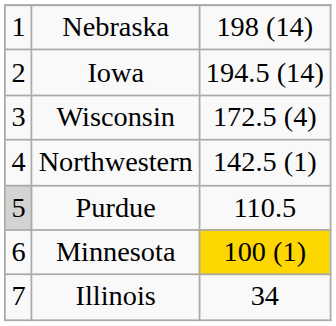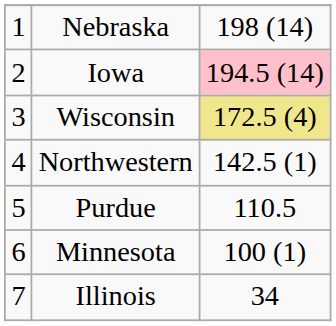 <table class="wikitable" style="display: inline-table;">
 <tr align="center">
 </tr>
 <tr align="center">
 <td>1</td>
 <td>Nebraska</td>
 <td>198 (14)</td>
 </tr>
 <tr align="center">
 <td>2</td>
 <td>Iowa</td>
-<td>194.5 (14)</td>
+<td style="background: pink;">194.5 (14)</td>
 </tr>
 <tr align="center">
 <td>3</td>
 <td>Wisconsin</td>
-<td>172.5 (4)</td>
+<td style="background: khaki;">172.5 (4)</td>
 </tr>
 <tr align="center">
 <td>4</td>
 <td>Northwestern</td>
 <td>142.5 (1)</td>
 </tr>
 <tr align="center">
-<td style="background: lightgrey;">5</td>
+<td>5</td>
 <td>Purdue</td>
 <td>110.5</td>
 </tr>
 <tr align="center">
 <td>6</td>
 <td>Minnesota</td>
-<td style="background: gold;">100 (1)</td>
+<td>100 (1)</td>
 </tr>
 <tr align="center">
 <td>7</td>
 <td>Illinois</td>
 <td>34</td>
 </tr>
 </table>
